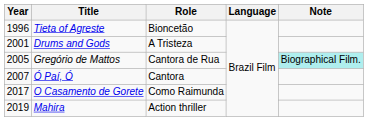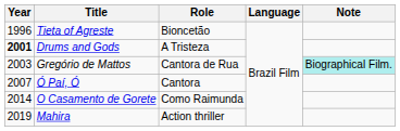 <table class="wikitable sortable”">
 <tr>
 <th>Year</th>
 <th>Title</th>
 <th>Role</th>
 <th>Language</th>
 <th class="unsortable">Note</th>
 </tr>
 <tr>
 <td>1996</td>
 <td><em><a href='#'>Tieta of Agreste</a></em></td>
 <td>Bioncetão</td>
 <td rowspan=6>Brazil Film</td>
 <td></td>
 </tr>
 <tr>
-<td>2001</td>
+<td><strong>2001</strong></td>
 <td><em><a href='#'>Drums and Gods</a></em></td>
 <td>A Tristeza</td>
 <td></td>
 </tr>
 <tr>
-<td>2005</td>
+<td>2003</td>
 <td><em>Gregório de Mattos</em></td>
 <td>Cantora de Rua</td>
 <td style="background: paleturquoise;">Biographical Film.</td>
 </tr>
 <tr>
 <td>2007</td>
 <td><em><a href='#'>Ó Paí, Ó</a></em></td>
 <td>Cantora</td>
 <td></td>
 </tr>
 <tr>
-<td>2017</td>
+<td>2014</td>
 <td><em><a href='#'>O Casamento de Gorete</a></em></td>
 <td>Como Raimunda</td>
 <td></td>
 </tr>
 <tr>
 <td>2019</td>
 <td><em><a href='#'>Mahira</a></em></td>
 <td>Action thriller</td>
 <td></td>
 </tr>
 </table>
